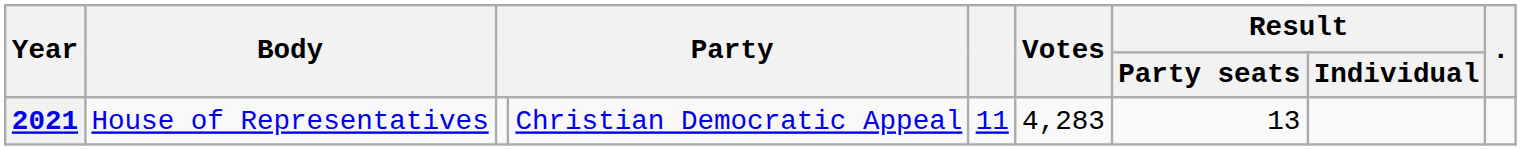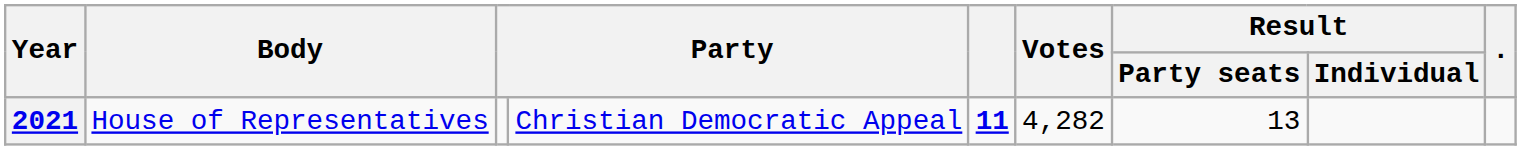 <table class="wikitable plainrowheaders sortable" border=2 cellpadding=4 cellspacing=0 style="border: 1px #aaa solid; font-size: 90%; text-align:center;">
 <tr>
 <th scope="col" rowspan=2>Year</th>
 <th scope="col" rowspan=2>Body</th>
 <th scope="col" colspan=2 rowspan=2>Party</th>
 <th scope="col" rowspan=2></th>
 <th scope="col" rowspan=2>Votes</th>
 <th scope="colgroup" colspan=2>Result</th>
 <th scope="col" rowspan=2 class="unsortable">.</th>
 </tr>
 <tr>
 <th scope="col">Party seats</th>
 <th scope="col">Individual</th>
 </tr>
 <tr>
 <th scope="row"><a href='#'>2021</a></th>
 <td><a href='#'>House of Representatives</a></td>
 <td style="background-color:"></td>
 <td><a href='#'>Christian Democratic Appeal</a></td>
-<td style=text-align:right><a href='#'>11</a></td>
-<td style=text-align:right>4,283</td>
+<td style=text-align:right><strong><a href='#'>11</a></strong></td>
+<td style=text-align:right>4,282</td>
 <td style=text-align:right>13</td>
 <td></td>
 <td></td>
 </tr>
 </table>
